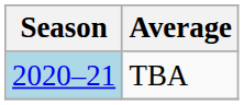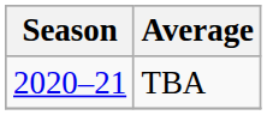 <table class="wikitable">
 <tr>
 <th>Season</th>
 <th>Average</th>
 </tr>
 <tr>
-<td style="background: lightblue;"><a href='#'>2020–21</a></td>
+<td><a href='#'>2020–21</a></td>
 <td>TBA</td>
 </tr>
 <tr>
 </tr>
 </table>
